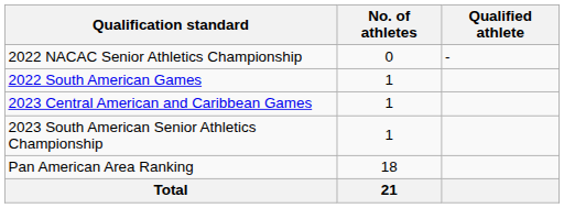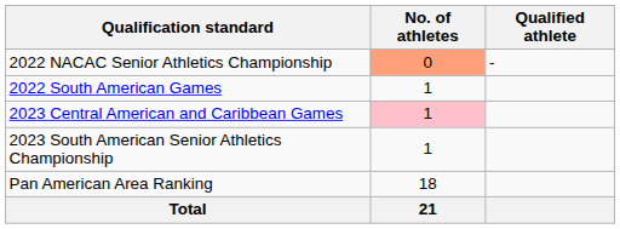 <table class="wikitable" style="text-align:left; width:600px;">
 <tr>
 <th>Qualification standard</th>
 <th>No. of athletes</th>
 <th>Qualified athlete</th>
 </tr>
 <tr>
 <td>2022 NACAC Senior Athletics Championship</td>
-<td align=center>0</td>
+<td align=center style="background: lightsalmon;">0</td>
 <td>-</td>
 </tr>
 <tr>
 <td><a href='#'>2022 South American Games</a></td>
 <td align=center>1</td>
 <td></td>
 </tr>
 <tr>
 <td><a href='#'>2023 Central American and Caribbean Games</a></td>
-<td align=center>1</td>
+<td align=center style="background: pink;">1</td>
 <td></td>
 </tr>
 <tr>
 <td>2023 South American Senior Athletics Championship</td>
 <td align=center>1</td>
 <td></td>
 </tr>
 <tr>
 <td>Pan American Area Ranking</td>
 <td align=center>18</td>
 <td></td>
 </tr>
 <tr>
 <th>Total</th>
 <th>21</th>
 <th colspan=2></th>
 </tr>
 </table>
